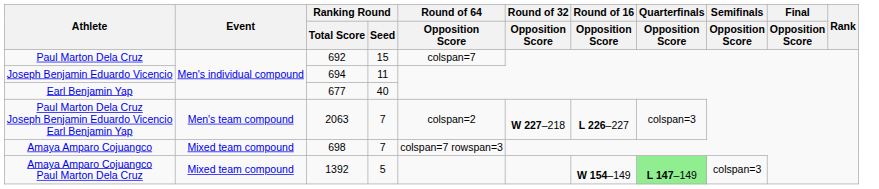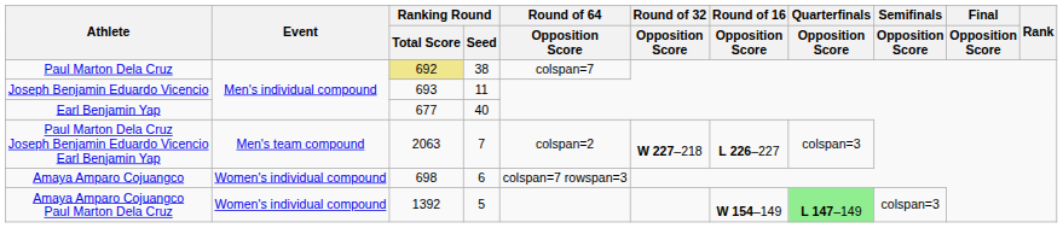 <table class="wikitable" style="font-size:90%; text-align:center">
 <tr>
 <th rowspan="2">Athlete</th>
 <th rowspan="2">Event</th>
 <th colspan="2">Ranking Round</th>
 <th>Round of 64</th>
 <th>Round of 32</th>
 <th>Round of 16</th>
 <th>Quarterfinals</th>
 <th>Semifinals</th>
 <th>Final</th>
 <th rowspan=2>Rank</th>
 </tr>
 <tr>
 <th>Total Score</th>
 <th>Seed</th>
 <th>Opposition<br>Score</th>
 <th>Opposition<br>Score</th>
 <th>Opposition<br>Score</th>
 <th>Opposition<br>Score</th>
 <th>Opposition<br>Score</th>
 <th>Opposition<br>Score</th>
 </tr>
 <tr>
 <td align=center><a href='#'>Paul Marton Dela Cruz</a></td>
 <td rowspan=3 align=center><a href='#'>Men's individual compound</a></td>
-<td align=center>692</td>
-<td align=center>15</td>
+<td align=center style="background: khaki;">692</td>
+<td align=center>38</td>
 <td>colspan=7 </td>
 </tr>
 <tr>
 <td align=center><a href='#'>Joseph Benjamin Eduardo Vicencio</a></td>
-<td align=center>694</td>
+<td align=center>693</td>
 <td align=center>11</td>
 </tr>
 <tr>
 <td align=center><a href='#'>Earl Benjamin Yap</a></td>
 <td align=center>677</td>
 <td align=center>40</td>
 </tr>
 <tr>
 <td align=center><a href='#'>Paul Marton Dela Cruz</a><br><a href='#'>Joseph Benjamin Eduardo Vicencio</a><br><a href='#'>Earl Benjamin Yap</a></td>
 <td align=center><a href='#'>Men's team compound</a></td>
 <td align=center>2063</td>
 <td align=center>7</td>
 <td>colspan=2 </td>
 <td align=center> <br> <strong>W</strong> <strong>227</strong>–218</td>
 <td align=center> <br> <strong>L</strong> <strong>226</strong>–227</td>
 <td>colspan=3 </td>
 </tr>
 <tr>
 <td align=center><a href='#'>Amaya Amparo Cojuangco</a></td>
-<td align=center><a href='#'>Mixed team compound</a></td>
+<td align=center><a href='#'>Women's individual compound</a></td>
 <td align=center>698</td>
-<td align=center>7</td>
+<td align=center>6</td>
 <td>colspan=7 rowspan=3 </td>
 </tr>
 <tr>
 <td align=center><a href='#'>Amaya Amparo Cojuangco</a><br><a href='#'>Paul Marton Dela Cruz</a></td>
-<td align=center><a href='#'>Mixed team compound</a></td>
+<td align=center><a href='#'>Women's individual compound</a></td>
 <td align=center>1392</td>
 <td align=center>5</td>
 <td></td>
 <td></td>
 <td align=center> <br> <strong>W</strong> <strong>154</strong>–149</td>
 <td align=center style="background: lightgreen;"> <br> <strong>L</strong> <strong>147</strong>–149</td>
 <td>colspan=3 </td>
 </tr>
 </table>
